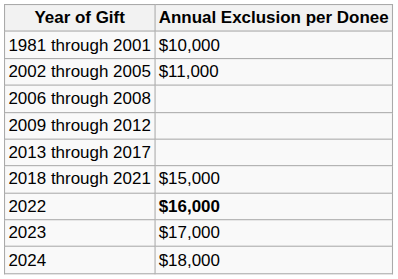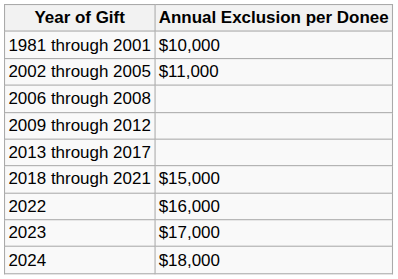 <table class="wikitable">
 <tr>
 <th>Year of Gift</th>
 <th>Annual Exclusion per Donee</th>
 </tr>
 <tr>
 <td>1981 through 2001</td>
 <td>$10,000</td>
 </tr>
 <tr>
 <td>2002 through 2005</td>
 <td>$11,000</td>
 </tr>
 <tr>
 <td>2006 through 2008</td>
 <td></td>
 </tr>
 <tr>
 <td>2009 through 2012</td>
 <td></td>
 </tr>
 <tr>
 <td>2013 through 2017</td>
 <td></td>
 </tr>
 <tr>
 <td>2018 through 2021</td>
 <td>$15,000</td>
 </tr>
 <tr>
 <td>2022</td>
-<td><strong>$16,000</strong></td>
+<td>$16,000</td>
 </tr>
 <tr>
 <td>2023</td>
 <td>$17,000</td>
 </tr>
 <tr>
 <td>2024</td>
 <td>$18,000</td>
 </tr>
 </table>
